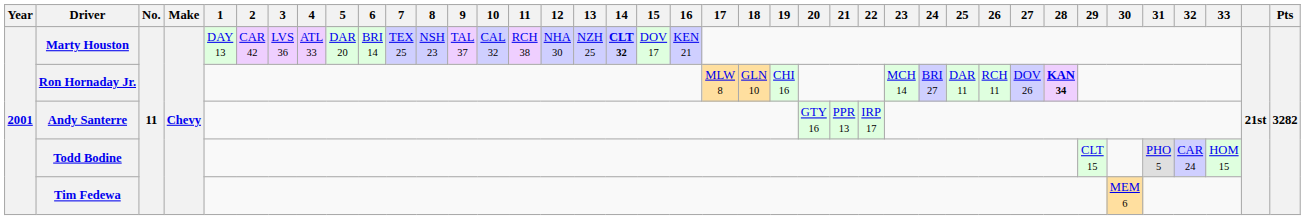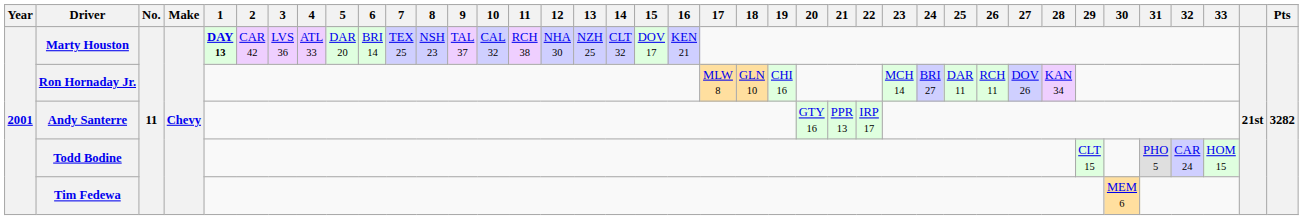 <table class="wikitable" style="text-align:center; font-size:75%">
 <tr>
 <th>Year</th>
 <th>Driver</th>
 <th>No.</th>
 <th>Make</th>
 <th>1</th>
 <th>2</th>
 <th>3</th>
 <th>4</th>
 <th>5</th>
 <th>6</th>
 <th>7</th>
 <th>8</th>
 <th>9</th>
 <th>10</th>
 <th>11</th>
 <th>12</th>
 <th>13</th>
 <th>14</th>
 <th>15</th>
 <th>16</th>
 <th>17</th>
 <th>18</th>
 <th>19</th>
 <th>20</th>
 <th>21</th>
 <th>22</th>
 <th>23</th>
 <th>24</th>
 <th>25</th>
 <th>26</th>
 <th>27</th>
 <th>28</th>
 <th>29</th>
 <th>30</th>
 <th>31</th>
 <th>32</th>
 <th>33</th>
 <th></th>
 <th>Pts</th>
 </tr>
 <tr>
 <th rowspan=5><a href='#'>2001</a></th>
 <th><a href='#'>Marty Houston</a></th>
 <th rowspan=5>11</th>
 <th rowspan=5><a href='#'>Chevy</a></th>
-<td style="background:#DFFFDF;"><a href='#'>DAY</a><br><small>13</small></td>
+<td style="background:#DFFFDF;"><strong><a href='#'>DAY</a><br><small>13</small></strong></td>
 <td style="background:#EFCFFF;"><a href='#'>CAR</a><br><small>42</small></td>
 <td style="background:#EFCFFF;"><a href='#'>LVS</a><br><small>36</small></td>
 <td style="background:#EFCFFF;"><a href='#'>ATL</a><br><small>33</small></td>
 <td style="background:#DFFFDF;"><a href='#'>DAR</a><br><small>20</small></td>
 <td style="background:#DFFFDF;"><a href='#'>BRI</a><br><small>14</small></td>
 <td style="background:#CFCFFF;"><a href='#'>TEX</a><br><small>25</small></td>
 <td style="background:#CFCFFF;"><a href='#'>NSH</a><br><small>23</small></td>
 <td style="background:#EFCFFF;"><a href='#'>TAL</a><br><small>37</small></td>
 <td style="background:#CFCFFF;"><a href='#'>CAL</a><br><small>32</small></td>
 <td style="background:#EFCFFF;"><a href='#'>RCH</a><br><small>38</small></td>
 <td style="background:#CFCFFF;"><a href='#'>NHA</a><br><small>30</small></td>
 <td style="background:#CFCFFF;"><a href='#'>NZH</a><br><small>25</small></td>
-<td style="background:#CFCFFF;"><strong><a href='#'>CLT</a><br><small>32</small></strong></td>
+<td style="background:#CFCFFF;"><a href='#'>CLT</a><br><small>32</small></td>
 <td style="background:#DFFFDF;"><a href='#'>DOV</a><br><small>17</small></td>
 <td style="background:#CFCFFF;"><a href='#'>KEN</a><br><small>21</small></td>
 <td colspan=17></td>
 <th rowspan=5>21st</th>
 <th rowspan=5>3282</th>
 </tr>
 <tr>
 <th><a href='#'>Ron Hornaday Jr.</a></th>
 <td colspan=16></td>
 <td style="background:#FFDF9F;"><a href='#'>MLW</a><br><small>8</small></td>
 <td style="background:#FFDF9F;"><a href='#'>GLN</a><br><small>10</small></td>
 <td style="background:#DFFFDF;"><a href='#'>CHI</a><br><small>16</small></td>
 <td colspan=3></td>
 <td style="background:#DFFFDF;"><a href='#'>MCH</a><br><small>14</small></td>
 <td style="background:#CFCFFF;"><a href='#'>BRI</a><br><small>27</small></td>
 <td style="background:#DFFFDF;"><a href='#'>DAR</a><br><small>11</small></td>
 <td style="background:#DFFFDF;"><a href='#'>RCH</a><br><small>11</small></td>
 <td style="background:#CFCFFF;"><a href='#'>DOV</a><br><small>26</small></td>
-<td style="background:#EFCFFF;"><strong><a href='#'>KAN</a><br><small>34</small></strong></td>
+<td style="background:#EFCFFF;"><a href='#'>KAN</a><br><small>34</small></td>
 <td colspan=5></td>
 </tr>
 <tr>
 <th><a href='#'>Andy Santerre</a></th>
 <td colspan=19></td>
 <td style="background:#DFFFDF;"><a href='#'>GTY</a><br><small>16</small></td>
 <td style="background:#DFFFDF;"><a href='#'>PPR</a><br><small>13</small></td>
 <td style="background:#DFFFDF;"><a href='#'>IRP</a><br><small>17</small></td>
 <td colspan=11></td>
 </tr>
 <tr>
 <th><a href='#'>Todd Bodine</a></th>
 <td colspan=28></td>
 <td style="background:#DFFFDF;"><a href='#'>CLT</a><br><small>15</small></td>
 <td></td>
 <td style="background:#DFDFDF;"><a href='#'>PHO</a><br><small>5</small></td>
 <td style="background:#CFCFFF;"><a href='#'>CAR</a><br><small>24</small></td>
 <td style="background:#DFFFDF;"><a href='#'>HOM</a><br><small>15</small></td>
 </tr>
 <tr>
 <th><a href='#'>Tim Fedewa</a></th>
 <td colspan=29></td>
 <td style="background:#FFDF9F;"><a href='#'>MEM</a><br><small>6</small></td>
 <td colspan=3></td>
 </tr>
 </table>
